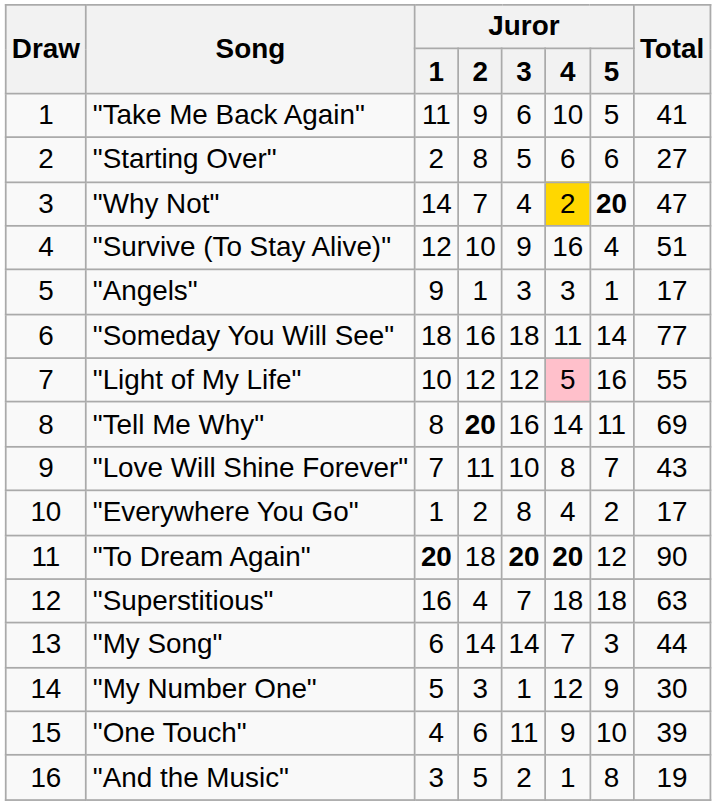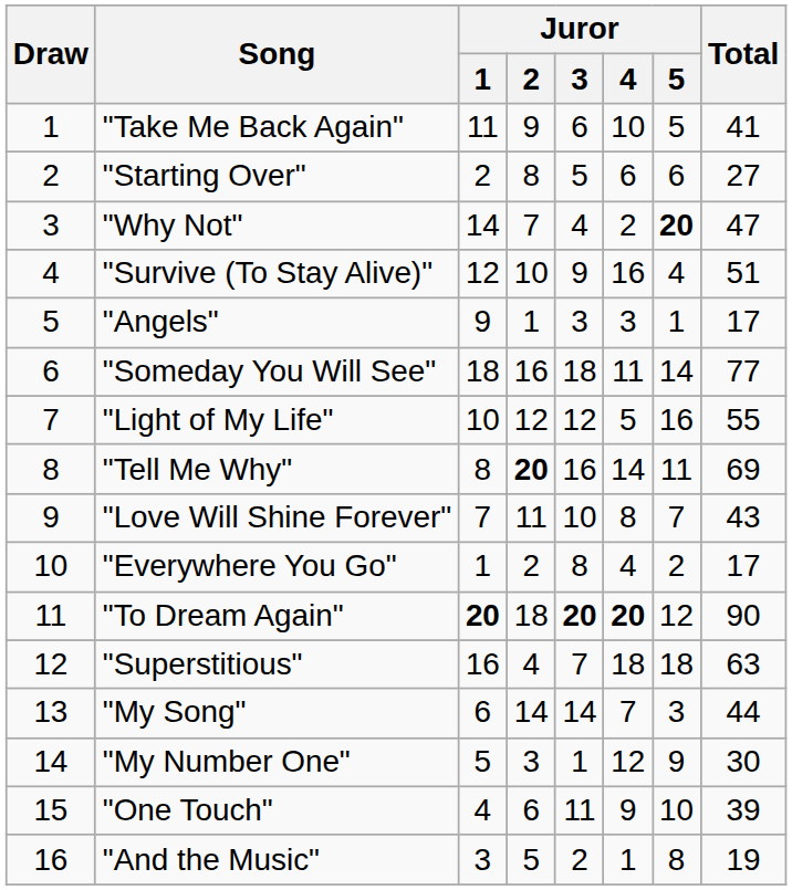 <table class="wikitable collapsible" style="margin: 1em auto 1em auto; text-align:center;">
 <tr>
 <th rowspan="2">Draw</th>
 <th rowspan="2">Song</th>
 <th colspan="5">Juror</th>
 <th rowspan="2">Total</th>
 </tr>
 <tr>
 <th>1</th>
 <th>2</th>
 <th>3</th>
 <th>4</th>
 <th>5</th>
 </tr>
 <tr>
 <td>1</td>
 <td align="left">"Take Me Back Again"</td>
 <td>11</td>
 <td>9</td>
 <td>6</td>
 <td>10</td>
 <td>5</td>
 <td>41</td>
 </tr>
 <tr>
 <td>2</td>
 <td align="left">"Starting Over"</td>
 <td>2</td>
 <td>8</td>
 <td>5</td>
 <td>6</td>
 <td>6</td>
 <td>27</td>
 </tr>
 <tr>
 <td>3</td>
 <td align="left">"Why Not"</td>
 <td>14</td>
 <td>7</td>
 <td>4</td>
-<td style="background: gold;">2</td>
+<td>2</td>
 <td><strong>20</strong></td>
 <td>47</td>
 </tr>
 <tr>
 <td>4</td>
 <td align="left">"Survive (To Stay Alive)"</td>
 <td>12</td>
 <td>10</td>
 <td>9</td>
 <td>16</td>
 <td>4</td>
 <td>51</td>
 </tr>
 <tr>
 <td>5</td>
 <td align="left">"Angels"</td>
 <td>9</td>
 <td>1</td>
 <td>3</td>
 <td>3</td>
 <td>1</td>
 <td>17</td>
 </tr>
 <tr>
 <td>6</td>
 <td align="left">"Someday You Will See"</td>
 <td>18</td>
 <td>16</td>
 <td>18</td>
 <td>11</td>
 <td>14</td>
 <td>77</td>
 </tr>
 <tr>
 <td>7</td>
 <td align="left">"Light of My Life"</td>
 <td>10</td>
 <td>12</td>
 <td>12</td>
-<td style="background: pink;">5</td>
+<td>5</td>
 <td>16</td>
 <td>55</td>
 </tr>
 <tr>
 <td>8</td>
 <td align="left">"Tell Me Why"</td>
 <td>8</td>
 <td><strong>20</strong></td>
 <td>16</td>
 <td>14</td>
 <td>11</td>
 <td>69</td>
 </tr>
 <tr>
 <td>9</td>
 <td align="left">"Love Will Shine Forever"</td>
 <td>7</td>
 <td>11</td>
 <td>10</td>
 <td>8</td>
 <td>7</td>
 <td>43</td>
 </tr>
 <tr>
 <td>10</td>
 <td align="left">"Everywhere You Go"</td>
 <td>1</td>
 <td>2</td>
 <td>8</td>
 <td>4</td>
 <td>2</td>
 <td>17</td>
 </tr>
 <tr>
 <td>11</td>
 <td align="left">"To Dream Again"</td>
 <td><strong>20</strong></td>
 <td>18</td>
 <td><strong>20</strong></td>
 <td><strong>20</strong></td>
 <td>12</td>
 <td>90</td>
 </tr>
 <tr>
 <td>12</td>
 <td align="left">"Superstitious"</td>
 <td>16</td>
 <td>4</td>
 <td>7</td>
 <td>18</td>
 <td>18</td>
 <td>63</td>
 </tr>
 <tr>
 <td>13</td>
 <td align="left">"My Song"</td>
 <td>6</td>
 <td>14</td>
 <td>14</td>
 <td>7</td>
 <td>3</td>
 <td>44</td>
 </tr>
 <tr>
 <td>14</td>
 <td align="left">"My Number One"</td>
 <td>5</td>
 <td>3</td>
 <td>1</td>
 <td>12</td>
 <td>9</td>
 <td>30</td>
 </tr>
 <tr>
 <td>15</td>
 <td align="left">"One Touch"</td>
 <td>4</td>
 <td>6</td>
 <td>11</td>
 <td>9</td>
 <td>10</td>
 <td>39</td>
 </tr>
 <tr>
 <td>16</td>
 <td align="left">"And the Music"</td>
 <td>3</td>
 <td>5</td>
 <td>2</td>
 <td>1</td>
 <td>8</td>
 <td>19</td>
 </tr>
 </table>
